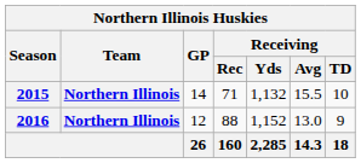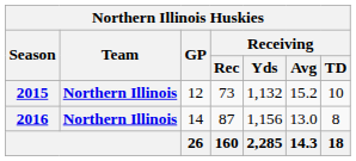 <table class="wikitable" style="text-align: center;">
 <tr>
 <th colspan="16">Northern Illinois Huskies</th>
 </tr>
 <tr>
 <th rowspan="2">Season</th>
 <th rowspan="2">Team</th>
 <th rowspan="2">GP</th>
 <th colspan="4">Receiving</th>
 </tr>
 <tr>
 <th>Rec</th>
 <th>Yds</th>
 <th>Avg</th>
 <th>TD</th>
 </tr>
 <tr>
 <th><a href='#'>2015</a></th>
 <th><a href='#'>Northern Illinois</a></th>
-<td>14</td>
-<td>71</td>
+<td>12</td>
+<td>73</td>
 <td>1,132</td>
-<td>15.5</td>
+<td>15.2</td>
 <td>10</td>
 </tr>
 <tr>
 <th><a href='#'>2016</a></th>
 <th><a href='#'>Northern Illinois</a></th>
-<td>12</td>
-<td>88</td>
-<td>1,152</td>
+<td>14</td>
+<td>87</td>
+<td>1,156</td>
 <td>13.0</td>
-<td>9</td>
+<td>8</td>
 </tr>
 <tr>
 <th colspan="2"></th>
 <th>26</th>
 <th>160</th>
 <th>2,285</th>
 <th>14.3</th>
 <th>18</th>
 </tr>
 </table>
